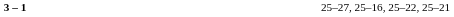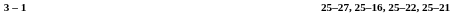 <table width=100% cellspacing=1>
 <tr>
 <th width=20%></th>
 <th width=12%></th>
 <th width=20%></th>
 <th width=33%></th>
 <td></td>
 </tr>
 <tr style=font-size:95%>
 <td align=right><strong></strong></td>
 <td align=center><strong>3 – 1</strong></td>
 <td></td>
-<td>25–27, 25–16, 25–22, 25–21</td>
+<td><strong>25–27, 25–16, 25–22, 25–21</strong></td>
 </tr>
 </table>
